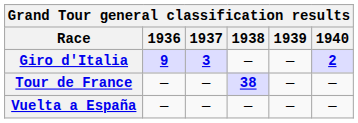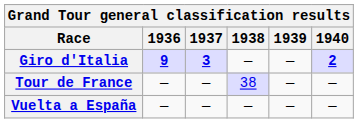 <table class="wikitable plainrowheaders">
 <tr>
 <th scope="col" align=center colspan=9>Grand Tour general classification results</th>
 </tr>
 <tr>
 <th scope="col">Race</th>
 <th scope="col">1936</th>
 <th scope="col">1937</th>
 <th scope="col">1938</th>
 <th scope="col">1939</th>
 <th scope="col">1940</th>
 </tr>
 <tr style="text-align:center;">
 <th scope="row"> <a href='#'>Giro d'Italia</a></th>
 <td style="background:#ddf;"><strong><a href='#'>9</a></strong></td>
 <td style="background:#ddf;"><strong><a href='#'>3</a></strong></td>
 <td>—</td>
 <td>—</td>
 <td style="background:#ddf;"><strong><a href='#'>2</a></strong></td>
 </tr>
 <tr style="text-align:center;">
 <th scope="row"> <a href='#'>Tour de France</a></th>
 <td>—</td>
 <td>—</td>
-<td style="background:#ddf;"><strong><a href='#'>38</a></strong></td>
+<td style="background:#ddf;"><a href='#'>38</a></td>
 <td>—</td>
 <td>—</td>
 </tr>
 <tr style="text-align:center;">
 <th scope="row"> <a href='#'>Vuelta a España</a></th>
 <td>—</td>
 <td>—</td>
 <td>—</td>
 <td>—</td>
 <td>—</td>
 </tr>
 </table>
